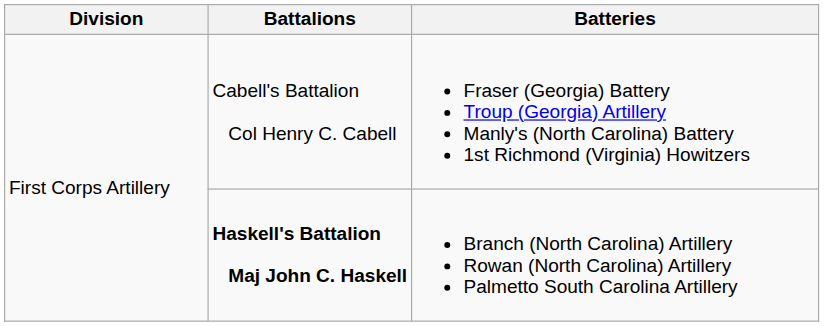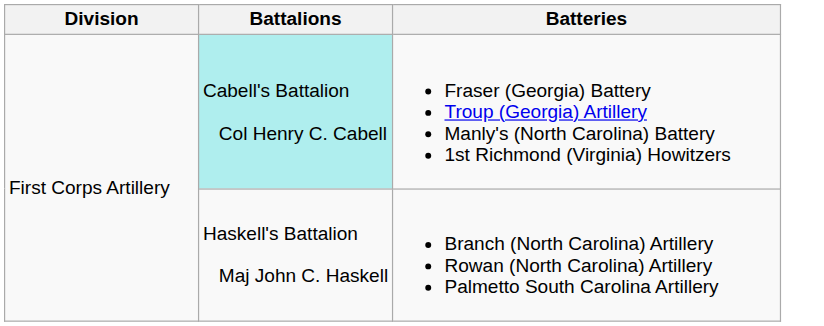 <table class="wikitable">
 <tr>
 <th width=25%>Division</th>
 <th width=25%>Battalions</th>
 <th>Batteries</th>
 </tr>
 <tr>
 <td rowspan=2><br>First Corps Artillery</td>
-<td>Cabell's  Battalion<br><br>   Col Henry C. Cabell</td>
+<td style="background: paleturquoise;">Cabell's  Battalion<br><br>   Col Henry C. Cabell</td>
 <td><br><ul><li>Fraser (Georgia) Battery</li><li><a href='#'>Troup (Georgia) Artillery</a></li><li>Manly's (North Carolina) Battery</li><li>1st Richmond (Virginia) Howitzers</li></ul></td>
 </tr>
 <tr>
-<td><strong>Haskell's Battalion<br><br>   Maj John C. Haskell</strong></td>
+<td>Haskell's Battalion<br><br>   Maj John C. Haskell</td>
 <td><br><ul><li>Branch (North Carolina) Artillery</li><li>Rowan (North Carolina) Artillery</li><li>Palmetto South Carolina Artillery</li></ul></td>
 </tr>
 </table>
